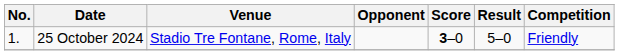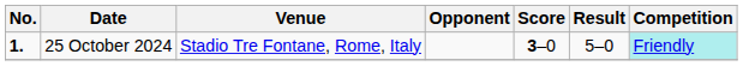 <table class="wikitable">
 <tr>
 <th>No.</th>
 <th>Date</th>
 <th>Venue</th>
 <th>Opponent</th>
 <th>Score</th>
 <th>Result</th>
 <th>Competition</th>
 </tr>
 <tr>
-<td>1.</td>
+<td><strong>1.</strong></td>
 <td>25 October 2024</td>
 <td><a href='#'>Stadio Tre Fontane</a>, <a href='#'>Rome</a>, <a href='#'>Italy</a></td>
 <td></td>
 <td align=center><strong>3</strong>–0</td>
 <td align=center>5–0</td>
-<td><a href='#'>Friendly</a></td>
+<td style="background: paleturquoise;"><a href='#'>Friendly</a></td>
 </tr>
 <tr>
 </tr>
 </table>
